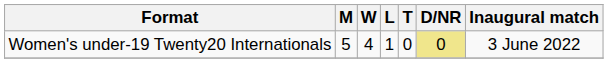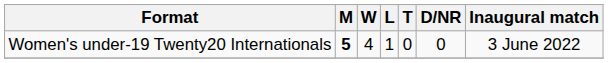 <table class="wikitable" style="text-align: center">
 <tr>
 <th>Format</th>
 <th>M</th>
 <th>W</th>
 <th>L</th>
 <th>T</th>
 <th>D/NR</th>
 <th>Inaugural match</th>
 </tr>
 <tr>
 <td align="left">Women's under-19 Twenty20 Internationals</td>
-<td>5</td>
+<td><strong>5</strong></td>
 <td>4</td>
 <td>1</td>
 <td>0</td>
-<td style="background: khaki;">0</td>
+<td>0</td>
 <td>3 June 2022</td>
 </tr>
 <tr>
 </tr>
 </table>
